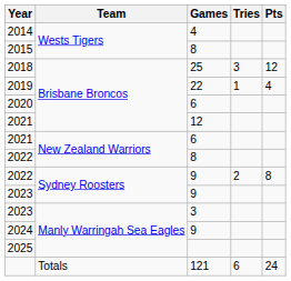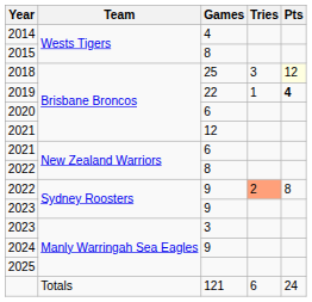 <table class="wikitable">
 <tr>
 <th>Year</th>
 <th>Team</th>
 <th>Games</th>
 <th>Tries</th>
 <th>Pts</th>
 </tr>
 <tr>
 <td>2014</td>
 <td rowspan="2"> <a href='#'>Wests Tigers</a></td>
 <td>4</td>
 <td></td>
 <td></td>
 </tr>
 <tr>
 <td>2015</td>
 <td>8</td>
 <td></td>
 <td></td>
 </tr>
 <tr>
 <td>2018</td>
 <td rowspan="4"> <a href='#'>Brisbane Broncos</a></td>
 <td>25</td>
 <td>3</td>
-<td>12</td>
+<td style="background: lightyellow;">12</td>
 </tr>
 <tr>
 <td>2019</td>
 <td>22</td>
 <td>1</td>
-<td>4</td>
+<td><strong>4</strong></td>
 </tr>
 <tr>
 <td>2020</td>
 <td>6</td>
 <td></td>
 <td></td>
 </tr>
 <tr>
 <td>2021</td>
 <td>12</td>
 <td></td>
 <td></td>
 </tr>
 <tr>
 <td>2021</td>
 <td rowspan="2"> <a href='#'>New Zealand Warriors</a></td>
 <td>6</td>
 <td></td>
 <td></td>
 </tr>
 <tr>
 <td>2022</td>
 <td>8</td>
 <td></td>
 <td></td>
 </tr>
 <tr>
 <td>2022</td>
 <td rowspan="2"> <a href='#'>Sydney Roosters</a></td>
 <td>9</td>
-<td>2</td>
+<td style="background: lightsalmon;">2</td>
 <td>8</td>
 </tr>
 <tr>
 <td>2023</td>
 <td>9</td>
 <td></td>
 <td></td>
 </tr>
 <tr>
 <td>2023</td>
 <td rowspan="3"> <a href='#'>Manly Warringah Sea Eagles</a></td>
 <td>3</td>
 <td></td>
 <td></td>
 </tr>
 <tr>
 <td>2024</td>
 <td>9</td>
 <td></td>
 <td></td>
 </tr>
 <tr>
 <td>2025</td>
 <td></td>
 <td></td>
 <td></td>
 </tr>
 <tr>
 <td></td>
 <td>Totals</td>
 <td>121</td>
 <td>6</td>
 <td>24</td>
 </tr>
 </table>
